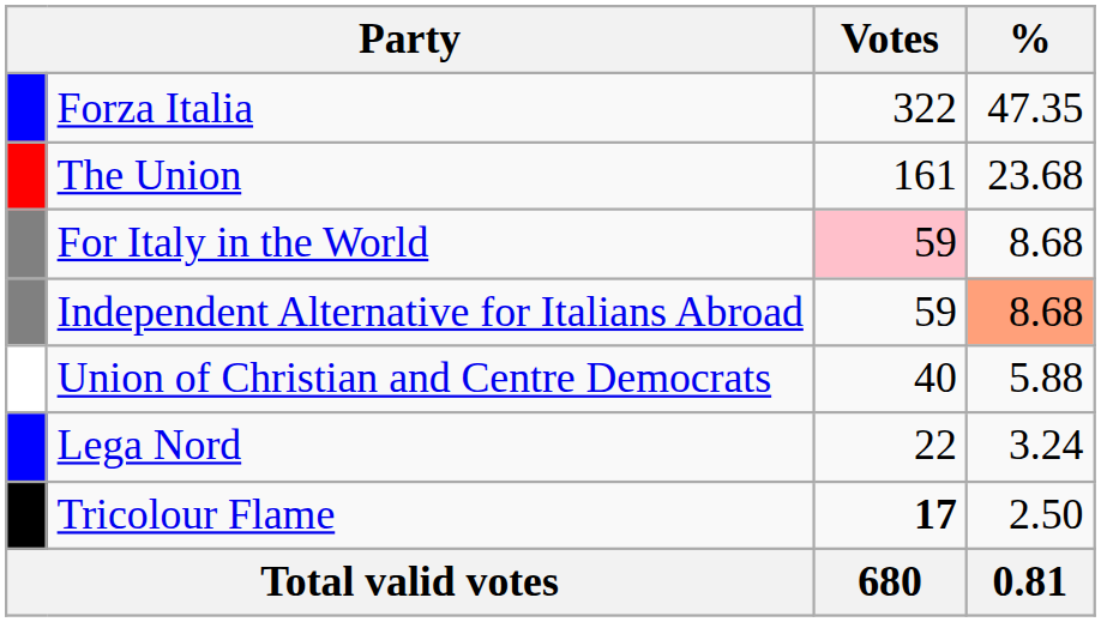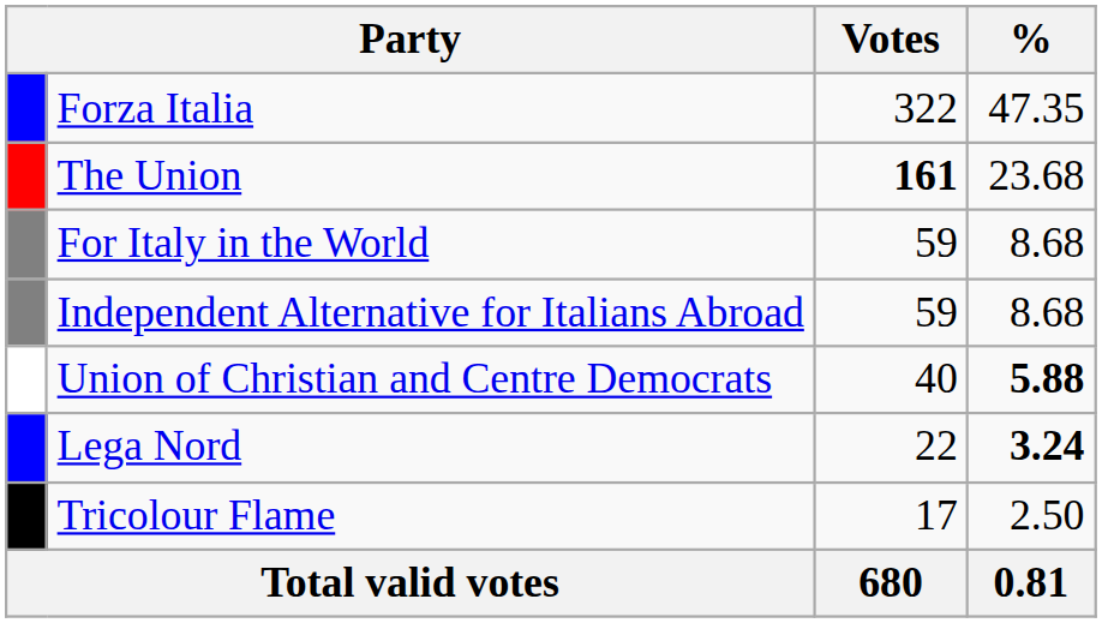 <table class="wikitable">
 <tr>
 <th colspan="2" style="width: 130px">Party</th>
 <th style="width: 50px">Votes</th>
 <th style="width: 40px">%</th>
 </tr>
 <tr>
 <td style="background-color:blue">  </td>
 <td style="text-align: left"><a href='#'>Forza Italia</a></td>
 <td style="text-align: right">322</td>
 <td style="text-align: right">47.35</td>
 </tr>
 <tr>
 <td style="background-color:red">  </td>
 <td style="text-align: left"><a href='#'>The Union</a></td>
-<td style="text-align: right">161</td>
+<td style="text-align: right"><strong>161</strong></td>
 <td style="text-align: right">23.68</td>
 </tr>
 <tr>
 <td style="background-color:grey">  </td>
 <td style="text-align: left"><a href='#'>For Italy in the World</a></td>
-<td align="right" style="background: pink;">59</td>
+<td align="right">59</td>
 <td align="right">8.68</td>
 </tr>
 <tr>
 <td style="background-color:grey">  </td>
 <td style="text-align: left"><a href='#'>Independent Alternative for Italians Abroad</a></td>
 <td align="right">59</td>
-<td align="right" style="background: lightsalmon;">8.68</td>
+<td align="right">8.68</td>
 </tr>
 <tr>
 <td style="background-color:white">  </td>
 <td style="text-align: left"><a href='#'>Union of Christian and Centre Democrats</a></td>
 <td align="right">40</td>
-<td align="right">5.88</td>
+<td align="right"><strong>5.88</strong></td>
 </tr>
 <tr>
 <td style="background-color:blue">  </td>
 <td style="text-align: left"><a href='#'>Lega Nord</a></td>
 <td align="right">22</td>
-<td align="right">3.24</td>
+<td align="right"><strong>3.24</strong></td>
 </tr>
 <tr>
 <td style="background-color:black">  </td>
 <td style="text-align: left"><a href='#'>Tricolour Flame</a></td>
-<td align="right"><strong>17</strong></td>
+<td align="right">17</td>
 <td align="right">2.50</td>
 </tr>
 <tr bgcolor="white">
 <th align="right" colspan=2>Total valid votes</th>
 <th align="right">680</th>
 <th align="right">0.81</th>
 </tr>
 </table>
